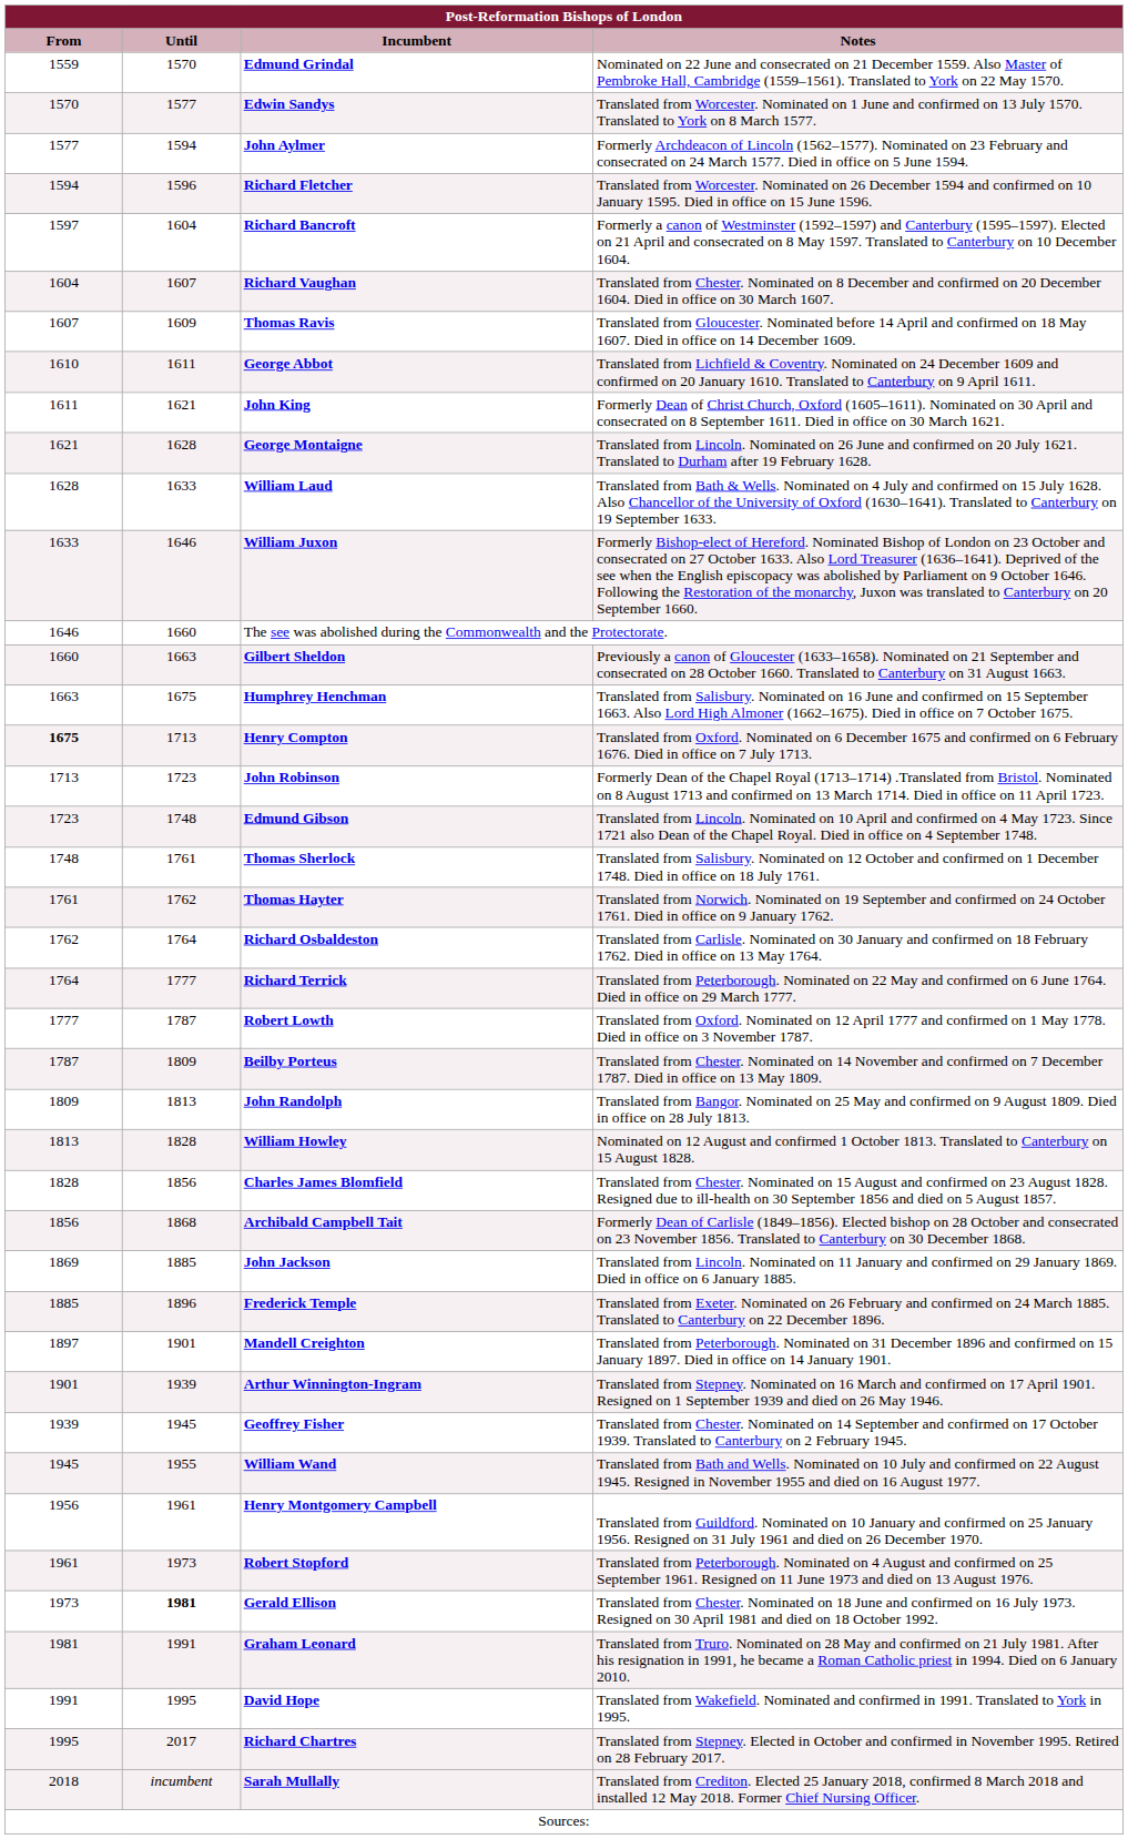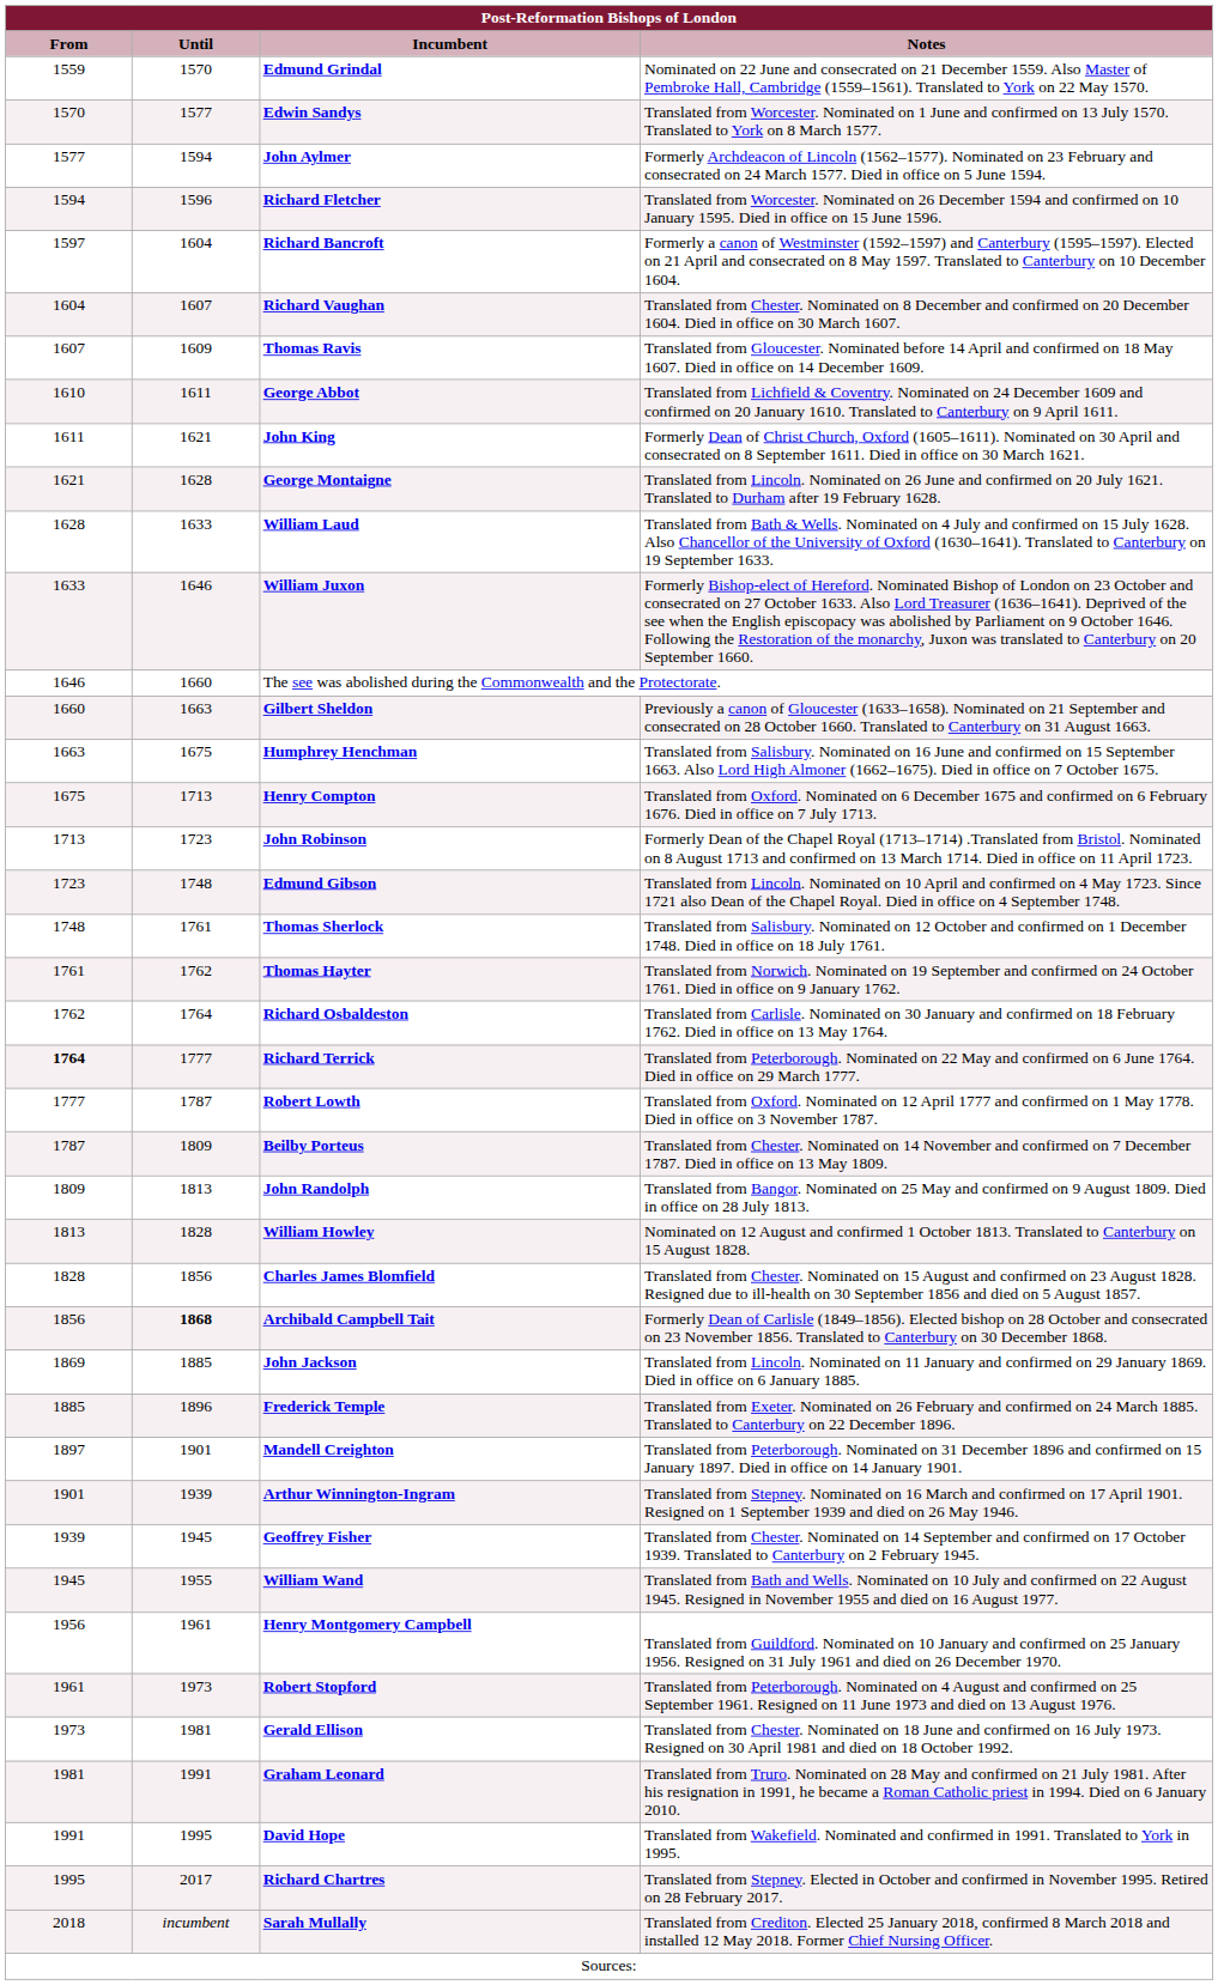 <table class="wikitable" style="width:95%; border:1">
 <tr>
 <th colspan="4" style="background-color: #7F1734; color: white;">Post-Reformation Bishops of London</th>
 </tr>
 <tr>
 <th style="background-color: #D4B1BB; width: 10%;">From</th>
 <th style="background-color: #D4B1BB; width: 10%;">Until</th>
 <th style="background-color: #D4B1BB; width: 30%;">Incumbent</th>
 <th style="background-color: #D4B1BB; width: 45%;">Notes</th>
 </tr>
 <tr valign="top" style="background-color: white;">
 <td style="text-align: center;">1559</td>
 <td style="text-align: center;">1570</td>
 <td> <strong><a href='#'>Edmund Grindal</a></strong></td>
 <td>Nominated on 22 June and consecrated on 21 December 1559. Also <a href='#'>Master</a> of <a href='#'>Pembroke Hall, Cambridge</a> (1559–1561). Translated to <a href='#'>York</a> on 22 May 1570.</td>
 </tr>
 <tr valign="top" style="background-color: #F7F0F2;">
 <td style="text-align: center;">1570</td>
 <td style="text-align: center;">1577</td>
 <td> <strong><a href='#'>Edwin Sandys</a></strong></td>
 <td>Translated from <a href='#'>Worcester</a>. Nominated on 1 June and confirmed on 13 July 1570. Translated to <a href='#'>York</a> on 8 March 1577.</td>
 </tr>
 <tr valign="top" style="background-color: white;">
 <td style="text-align: center;">1577</td>
 <td style="text-align: center;">1594</td>
 <td> <strong><a href='#'>John Aylmer</a></strong></td>
 <td>Formerly <a href='#'>Archdeacon of Lincoln</a> (1562–1577). Nominated on 23 February and consecrated on 24 March 1577. Died in office on 5 June 1594.</td>
 </tr>
 <tr valign="top" style="background-color: #F7F0F2;">
 <td style="text-align: center;">1594</td>
 <td style="text-align: center;">1596</td>
 <td> <strong><a href='#'>Richard Fletcher</a></strong></td>
 <td>Translated from <a href='#'>Worcester</a>. Nominated on 26 December 1594 and confirmed on 10 January 1595. Died in office on 15 June 1596.</td>
 </tr>
 <tr valign="top" style="background-color: white;">
 <td style="text-align: center;">1597</td>
 <td style="text-align: center;">1604</td>
 <td> <strong><a href='#'>Richard Bancroft</a></strong></td>
 <td>Formerly a <a href='#'>canon</a> of <a href='#'>Westminster</a> (1592–1597) and <a href='#'>Canterbury</a> (1595–1597). Elected on 21 April and consecrated on 8 May 1597. Translated to <a href='#'>Canterbury</a> on 10 December 1604.</td>
 </tr>
 <tr valign="top" style="background-color: #F7F0F2;">
 <td style="text-align: center;">1604</td>
 <td style="text-align: center;">1607</td>
 <td> <strong><a href='#'>Richard Vaughan</a></strong></td>
 <td>Translated from <a href='#'>Chester</a>. Nominated on 8 December and confirmed on 20 December 1604. Died in office on 30 March 1607.</td>
 </tr>
 <tr valign="top" style="background-color: white;">
 <td style="text-align: center;">1607</td>
 <td style="text-align: center;">1609</td>
 <td> <strong><a href='#'>Thomas Ravis</a></strong></td>
 <td>Translated from <a href='#'>Gloucester</a>. Nominated before 14 April and confirmed on 18 May 1607. Died in office on 14 December 1609.</td>
 </tr>
 <tr valign="top" style="background-color: #F7F0F2;">
 <td style="text-align: center;">1610</td>
 <td style="text-align: center;">1611</td>
 <td> <strong><a href='#'>George Abbot</a></strong></td>
 <td>Translated from <a href='#'>Lichfield & Coventry</a>. Nominated on 24 December 1609 and confirmed on 20 January 1610. Translated to <a href='#'>Canterbury</a> on 9 April 1611.</td>
 </tr>
 <tr valign="top" style="background-color: white;">
 <td style="text-align: center;">1611</td>
 <td style="text-align: center;">1621</td>
 <td> <strong><a href='#'>John King</a></strong></td>
 <td>Formerly <a href='#'>Dean</a> of <a href='#'>Christ Church, Oxford</a> (1605–1611). Nominated on 30 April and consecrated on 8 September 1611. Died in office on 30 March 1621.</td>
 </tr>
 <tr valign="top" style="background-color: #F7F0F2;">
 <td style="text-align: center;">1621</td>
 <td style="text-align: center;">1628</td>
 <td> <strong><a href='#'>George Montaigne</a></strong></td>
 <td>Translated from <a href='#'>Lincoln</a>. Nominated on 26 June and confirmed on 20 July 1621. Translated to <a href='#'>Durham</a> after 19 February 1628.</td>
 </tr>
 <tr valign="top" style="background-color: white;">
 <td style="text-align: center;">1628</td>
 <td style="text-align: center;">1633</td>
 <td> <strong><a href='#'>William Laud</a></strong></td>
 <td>Translated from <a href='#'>Bath & Wells</a>. Nominated on 4 July and confirmed on 15 July 1628. Also <a href='#'>Chancellor of the University of Oxford</a> (1630–1641). Translated to <a href='#'>Canterbury</a> on 19 September 1633.</td>
 </tr>
 <tr valign="top" style="background-color: #F7F0F2;">
 <td style="text-align: center;">1633</td>
 <td style="text-align: center;">1646</td>
 <td> <strong><a href='#'>William Juxon</a></strong></td>
 <td>Formerly <a href='#'>Bishop-elect of Hereford</a>. Nominated Bishop of London on 23 October and consecrated on 27 October 1633. Also <a href='#'>Lord Treasurer</a> (1636–1641). Deprived of the see when the English episcopacy was abolished by Parliament on 9 October 1646. Following the <a href='#'>Restoration of the monarchy</a>, Juxon was translated to <a href='#'>Canterbury</a> on 20 September 1660.</td>
 </tr>
 <tr valign="top" style="background-color: white;">
 <td style="text-align: center;">1646</td>
 <td style="text-align: center;">1660</td>
 <td colspan="2">The <a href='#'>see</a> was abolished during the <a href='#'>Commonwealth</a> and the <a href='#'>Protectorate</a>.</td>
 </tr>
 <tr valign="top" style="background-color: #F7F0F2;">
 <td style="text-align: center;">1660</td>
 <td style="text-align: center;">1663</td>
 <td> <strong><a href='#'>Gilbert Sheldon</a></strong></td>
 <td>Previously a <a href='#'>canon</a> of <a href='#'>Gloucester</a> (1633–1658). Nominated on 21 September and consecrated on 28 October 1660. Translated to <a href='#'>Canterbury</a> on 31 August 1663.</td>
 </tr>
 <tr valign="top" style="background-color: white;">
 <td style="text-align: center;">1663</td>
 <td style="text-align: center;">1675</td>
 <td> <strong><a href='#'>Humphrey Henchman</a></strong></td>
 <td>Translated from <a href='#'>Salisbury</a>. Nominated on 16 June and confirmed on 15 September 1663. Also <a href='#'>Lord High Almoner</a> (1662–1675). Died in office on 7 October 1675.</td>
 </tr>
 <tr valign="top" style="background-color: #F7F0F2;">
-<td style="text-align: center;"><strong>1675</strong></td>
+<td style="text-align: center;">1675</td>
 <td style="text-align: center;">1713</td>
 <td> <strong><a href='#'>Henry Compton</a></strong></td>
 <td>Translated from <a href='#'>Oxford</a>. Nominated on 6 December 1675 and confirmed on 6 February 1676. Died in office on 7 July 1713.</td>
 </tr>
 <tr valign="top" style="background-color: white;">
 <td style="text-align: center;">1713</td>
 <td style="text-align: center;">1723</td>
 <td> <strong><a href='#'>John Robinson</a></strong></td>
 <td>Formerly Dean of the Chapel Royal (1713–1714) .Translated from <a href='#'>Bristol</a>. Nominated on 8 August 1713 and confirmed on 13 March 1714. Died in office on 11 April 1723.</td>
 </tr>
 <tr valign="top" style="background-color: #F7F0F2;">
 <td style="text-align: center;">1723</td>
 <td style="text-align: center;">1748</td>
 <td> <strong><a href='#'>Edmund Gibson</a></strong></td>
 <td>Translated from <a href='#'>Lincoln</a>. Nominated on 10 April and confirmed on 4 May 1723. Since 1721 also Dean of the Chapel Royal.  Died in office on 4 September 1748.</td>
 </tr>
 <tr valign="top" style="background-color: white;">
 <td style="text-align: center;">1748</td>
 <td style="text-align: center;">1761</td>
 <td> <strong><a href='#'>Thomas Sherlock</a></strong></td>
 <td>Translated from <a href='#'>Salisbury</a>. Nominated on 12 October and confirmed on 1 December 1748. Died in office on 18 July 1761.</td>
 </tr>
 <tr valign="top" style="background-color: #F7F0F2;">
 <td style="text-align: center;">1761</td>
 <td style="text-align: center;">1762</td>
 <td> <strong><a href='#'>Thomas Hayter</a></strong></td>
 <td>Translated from <a href='#'>Norwich</a>. Nominated on 19 September and confirmed on 24 October 1761. Died in office on 9 January 1762.</td>
 </tr>
 <tr valign="top" style="background-color: white;">
 <td style="text-align: center;">1762</td>
 <td style="text-align: center;">1764</td>
 <td> <strong><a href='#'>Richard Osbaldeston</a></strong></td>
 <td>Translated from <a href='#'>Carlisle</a>. Nominated on 30 January and confirmed on 18 February 1762. Died in office on 13 May 1764.</td>
 </tr>
 <tr valign="top" style="background-color: #F7F0F2;">
-<td style="text-align: center;">1764</td>
+<td style="text-align: center;"><strong>1764</strong></td>
 <td style="text-align: center;">1777</td>
 <td> <strong><a href='#'>Richard Terrick</a></strong></td>
 <td>Translated from <a href='#'>Peterborough</a>. Nominated on 22 May and confirmed on 6 June 1764. Died in office on 29 March 1777.</td>
 </tr>
 <tr valign="top" style="background-color: white;">
 <td style="text-align: center;">1777</td>
 <td style="text-align: center;">1787</td>
 <td> <strong><a href='#'>Robert Lowth</a></strong></td>
 <td>Translated from <a href='#'>Oxford</a>. Nominated on 12 April 1777 and confirmed on 1 May 1778. Died in office on 3 November 1787.</td>
 </tr>
 <tr valign="top" style="background-color: #F7F0F2;">
 <td style="text-align: center;">1787</td>
 <td style="text-align: center;">1809</td>
 <td> <strong><a href='#'>Beilby Porteus</a></strong></td>
 <td>Translated from <a href='#'>Chester</a>. Nominated on 14 November and confirmed on 7 December 1787. Died in office on 13 May 1809.</td>
 </tr>
 <tr valign="top" style="background-color: white;">
 <td style="text-align: center;">1809</td>
 <td style="text-align: center;">1813</td>
 <td> <strong><a href='#'>John Randolph</a></strong></td>
 <td>Translated from <a href='#'>Bangor</a>. Nominated on 25 May and confirmed on 9 August 1809. Died in office on 28 July 1813.</td>
 </tr>
 <tr valign="top" style="background-color: #F7F0F2;">
 <td style="text-align: center;">1813</td>
 <td style="text-align: center;">1828</td>
 <td> <strong><a href='#'>William Howley</a></strong></td>
 <td>Nominated on 12 August and confirmed 1 October 1813. Translated to <a href='#'>Canterbury</a> on 15 August 1828.</td>
 </tr>
 <tr valign="top" style="background-color: white;">
 <td style="text-align: center;">1828</td>
 <td style="text-align: center;">1856</td>
 <td> <strong><a href='#'>Charles James Blomfield</a></strong></td>
 <td>Translated from <a href='#'>Chester</a>. Nominated on 15 August and confirmed on 23 August 1828. Resigned due to ill-health on 30 September 1856 and died on 5 August 1857.</td>
 </tr>
 <tr valign="top" style="background-color: #F7F0F2;">
 <td style="text-align: center;">1856</td>
-<td style="text-align: center;">1868</td>
+<td style="text-align: center;"><strong>1868</strong></td>
 <td> <strong><a href='#'>Archibald Campbell Tait</a></strong></td>
 <td>Formerly <a href='#'>Dean of Carlisle</a> (1849–1856). Elected bishop on 28 October and consecrated on 23 November 1856. Translated to <a href='#'>Canterbury</a> on 30 December 1868.</td>
 </tr>
 <tr valign="top" style="background-color: white;">
 <td style="text-align: center;">1869</td>
 <td style="text-align: center;">1885</td>
 <td> <strong><a href='#'>John Jackson</a></strong></td>
 <td>Translated from <a href='#'>Lincoln</a>. Nominated on 11 January and confirmed on 29 January 1869. Died in office on 6 January 1885.</td>
 </tr>
 <tr valign="top" style="background-color: #F7F0F2;">
 <td style="text-align: center;">1885</td>
 <td style="text-align: center;">1896</td>
 <td> <strong><a href='#'>Frederick Temple</a></strong></td>
 <td>Translated from <a href='#'>Exeter</a>. Nominated on 26 February and confirmed on 24 March 1885. Translated to <a href='#'>Canterbury</a> on 22 December 1896.</td>
 </tr>
 <tr valign="top" style="background-color: white;">
 <td style="text-align: center;">1897</td>
 <td style="text-align: center;">1901</td>
 <td> <strong><a href='#'>Mandell Creighton</a></strong></td>
 <td>Translated from <a href='#'>Peterborough</a>. Nominated on 31 December 1896 and confirmed on 15 January 1897. Died in office on 14 January 1901.</td>
 </tr>
 <tr valign="top" style="background-color: #F7F0F2;">
 <td style="text-align: center;">1901</td>
 <td style="text-align: center;">1939</td>
 <td> <strong><a href='#'>Arthur Winnington-Ingram</a></strong></td>
 <td>Translated from <a href='#'>Stepney</a>. Nominated on 16 March and confirmed on 17 April 1901. Resigned on 1 September 1939 and died on 26 May 1946.</td>
 </tr>
 <tr valign="top" style="background-color: white;">
 <td style="text-align: center;">1939</td>
 <td style="text-align: center;">1945</td>
 <td> <strong><a href='#'>Geoffrey Fisher</a></strong></td>
 <td>Translated from <a href='#'>Chester</a>. Nominated on 14 September and confirmed on 17 October 1939. Translated to <a href='#'>Canterbury</a> on 2 February 1945.</td>
 </tr>
 <tr valign="top" style="background-color: #F7F0F2;">
 <td style="text-align: center;">1945</td>
 <td style="text-align: center;">1955</td>
 <td> <strong><a href='#'>William Wand</a></strong></td>
 <td>Translated from <a href='#'>Bath and Wells</a>. Nominated on 10 July and confirmed on 22 August 1945. Resigned in November 1955 and died on 16 August 1977.</td>
 </tr>
 <tr valign="top" style="background-color: white;">
 <td style="text-align: center;">1956</td>
 <td style="text-align: center;">1961</td>
 <td> <strong><a href='#'>Henry Montgomery&nbsp;Campbell</a></strong></td>
 <td><br>Translated from <a href='#'>Guildford</a>. Nominated on 10 January and confirmed on 25 January 1956. Resigned on 31 July 1961 and died on 26 December 1970.</td>
 </tr>
 <tr valign="top" style="background-color: #F7F0F2;">
 <td style="text-align: center;">1961</td>
 <td style="text-align: center;">1973</td>
 <td> <strong><a href='#'>Robert Stopford</a></strong></td>
 <td>Translated from <a href='#'>Peterborough</a>. Nominated on 4 August and confirmed on 25 September 1961. Resigned on 11 June 1973 and died on 13 August 1976.</td>
 </tr>
 <tr valign="top" style="background-color: white;">
 <td style="text-align: center;">1973</td>
-<td style="text-align: center;"><strong>1981</strong></td>
+<td style="text-align: center;">1981</td>
 <td> <strong><a href='#'>Gerald Ellison</a></strong></td>
 <td>Translated from <a href='#'>Chester</a>. Nominated on 18 June and confirmed on 16 July 1973. Resigned on 30 April 1981 and died on 18 October 1992.</td>
 </tr>
 <tr valign="top" style="background-color: #F7F0F2;">
 <td style="text-align: center;">1981</td>
 <td style="text-align: center;">1991</td>
 <td> <strong><a href='#'>Graham Leonard</a></strong></td>
 <td>Translated from <a href='#'>Truro</a>. Nominated on 28 May and confirmed on 21 July 1981. After his resignation in 1991, he became a <a href='#'>Roman Catholic priest</a> in 1994. Died on 6 January 2010.</td>
 </tr>
 <tr valign="top" style="background-color: white;">
 <td style="text-align: center;">1991</td>
 <td style="text-align: center;">1995</td>
 <td> <strong><a href='#'>David Hope</a></strong></td>
 <td>Translated from <a href='#'>Wakefield</a>. Nominated and confirmed in 1991. Translated to <a href='#'>York</a> in 1995.</td>
 </tr>
 <tr valign="top" style="background-color: #F7F0F2;">
 <td style="text-align: center;">1995</td>
 <td style="text-align: center;">2017</td>
 <td> <strong><a href='#'>Richard Chartres</a></strong></td>
 <td>Translated from <a href='#'>Stepney</a>. Elected in October and confirmed in November 1995. Retired on 28 February 2017.</td>
 </tr>
 <tr valign="top" style="background-color: #F7F0F2;">
 <td style="text-align: center;">2018</td>
 <td style="text-align: center;"><em>incumbent</em></td>
 <td> <strong><a href='#'>Sarah Mullally</a></strong></td>
 <td>Translated from <a href='#'>Crediton</a>. Elected 25 January 2018, confirmed 8 March 2018 and installed 12 May 2018. Former <a href='#'>Chief Nursing Officer</a>.</td>
 </tr>
 <tr valign="top" style="background-color: white;">
 <td colspan="5" style="text-align: center;">Sources:</td>
 </tr>
 </table>
